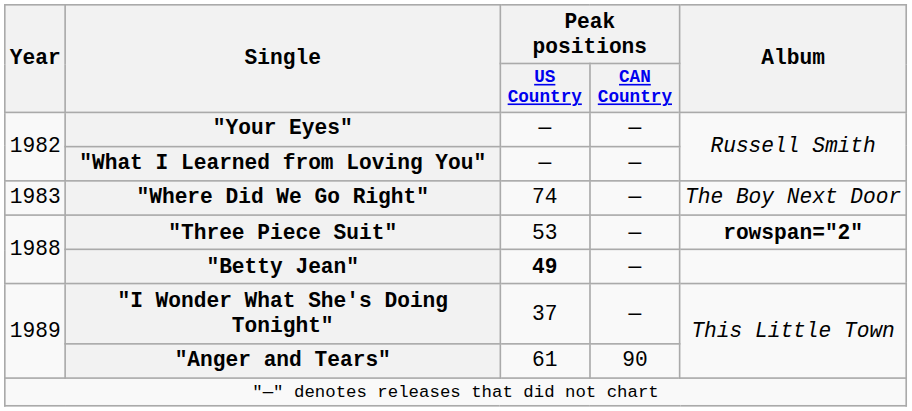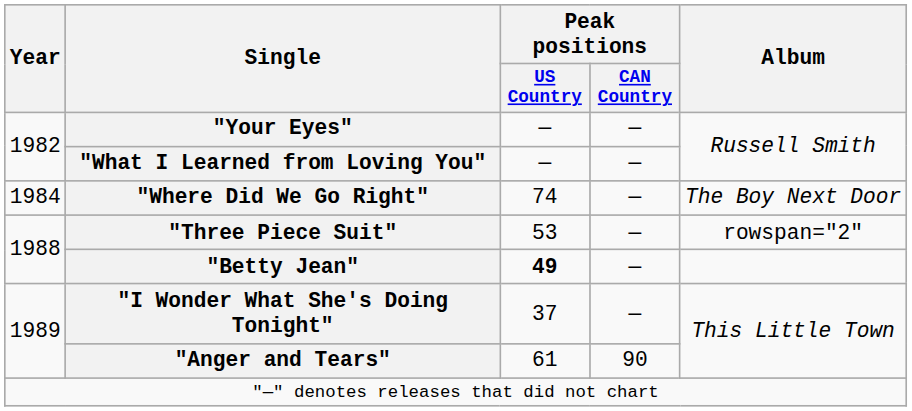 <table class="wikitable plainrowheaders" style="text-align:center;">
 <tr>
 <th rowspan="2">Year</th>
 <th rowspan="2" style="width:20em;">Single</th>
 <th colspan="2">Peak positions</th>
 <th rowspan="2">Album</th>
 </tr>
 <tr style="font-size:smaller;">
 <th width="50"><a href='#'>US Country</a><br></th>
 <th width="50"><a href='#'>CAN Country</a><br></th>
 </tr>
 <tr>
 <td rowspan="2">1982</td>
 <th scope="row">"Your Eyes"</th>
 <td>—</td>
 <td>—</td>
 <td rowspan="2"><em>Russell Smith</em></td>
 </tr>
 <tr>
 <th scope="row">"What I Learned from Loving You"</th>
 <td>—</td>
 <td>—</td>
 </tr>
 <tr>
-<td>1983</td>
+<td>1984</td>
 <th scope="row">"Where Did We Go Right"</th>
 <td>74</td>
 <td>—</td>
 <td><em>The Boy Next Door</em></td>
 </tr>
 <tr>
 <td rowspan="2">1988</td>
 <th scope="row">"Three Piece Suit"</th>
 <td>53</td>
 <td>—</td>
-<td><strong>rowspan="2" </strong></td>
+<td>rowspan="2" </td>
 </tr>
 <tr>
 <th scope="row">"Betty Jean"</th>
 <td><strong>49</strong></td>
 <td>—</td>
 </tr>
 <tr>
 <td rowspan="2">1989</td>
 <th scope="row">"I Wonder What She's Doing Tonight"</th>
 <td>37</td>
 <td>—</td>
 <td rowspan="2"><em>This Little Town</em></td>
 </tr>
 <tr>
 <th scope="row">"Anger and Tears"</th>
 <td>61</td>
 <td>90</td>
 </tr>
 <tr>
 <td colspan="5" style="font-size:8pt">"—" denotes releases that did not chart</td>
 </tr>
 </table>
